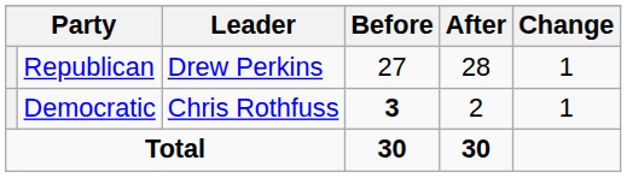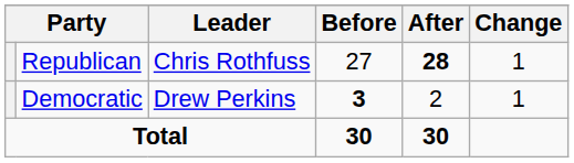 <table class="wikitable" style="text-align:center;">
 <tr>
 </tr>
 <tr>
 <th colspan=2>Party</th>
 <th>Leader</th>
 <th>Before</th>
 <th>After</th>
 <th>Change</th>
 </tr>
 <tr>
 <th style="background-color:"></th>
 <td style="text-align:left;"><a href='#'>Republican</a></td>
-<td style="text-align:left;"><a href='#'>Drew Perkins</a></td>
+<td style="text-align:left;"><a href='#'>Chris Rothfuss</a></td>
 <td>27</td>
-<td>28</td>
+<td><strong>28</strong></td>
 <td> 1</td>
 </tr>
 <tr>
 <th style="background-color:"></th>
 <td style="text-align:left;"><a href='#'>Democratic</a></td>
-<td style="text-align:left;"><a href='#'>Chris Rothfuss</a></td>
+<td style="text-align:left;"><a href='#'>Drew Perkins</a></td>
 <td><strong>3</strong></td>
 <td>2</td>
 <td> 1</td>
 </tr>
 <tr>
 <td colspan=3><strong>Total</strong></td>
 <td><strong>30</strong></td>
 <td><strong>30</strong></td>
 <td></td>
 </tr>
 </table>
